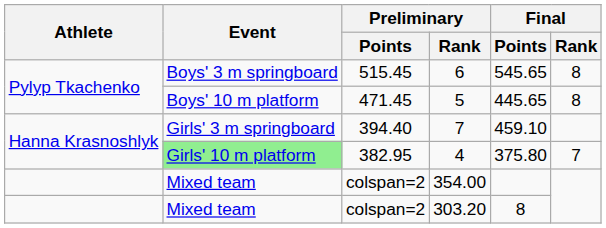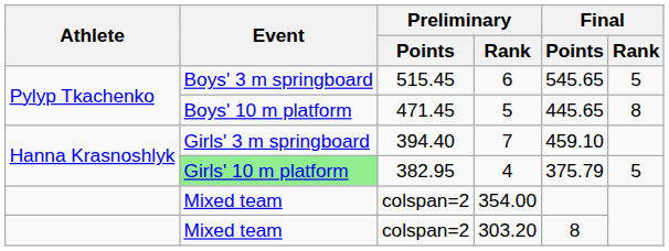 <table class="wikitable" style="font-size:90%;">
 <tr>
 <th rowspan=2>Athlete</th>
 <th rowspan=2>Event</th>
 <th colspan=2>Preliminary</th>
 <th colspan=2>Final</th>
 </tr>
 <tr>
 <th>Points</th>
 <th>Rank</th>
 <th>Points</th>
 <th>Rank</th>
 </tr>
 <tr align=center>
 <td align=left rowspan=2><a href='#'>Pylyp Tkachenko</a></td>
 <td align=left><a href='#'>Boys' 3 m springboard</a></td>
 <td>515.45</td>
 <td>6</td>
 <td>545.65</td>
-<td>8</td>
+<td>5</td>
 </tr>
 <tr align=center>
 <td align=left><a href='#'>Boys' 10 m platform</a></td>
 <td>471.45</td>
 <td>5</td>
 <td>445.65</td>
 <td>8</td>
 </tr>
 <tr align=center>
 <td align=left rowspan=2><a href='#'>Hanna Krasnoshlyk</a></td>
 <td align=left><a href='#'>Girls' 3 m springboard</a></td>
 <td>394.40</td>
 <td>7</td>
 <td>459.10</td>
 <td></td>
 </tr>
 <tr align=center>
 <td align=left style="background: lightgreen;"><a href='#'>Girls' 10 m platform</a></td>
 <td>382.95</td>
 <td>4</td>
-<td>375.80</td>
-<td>7</td>
+<td>375.79</td>
+<td>5</td>
 </tr>
 <tr align=center>
 <td align=left><br></td>
 <td align=left><a href='#'>Mixed team</a></td>
 <td>colspan=2 </td>
 <td>354.00</td>
 <td></td>
 </tr>
 <tr align=center>
 <td align=left><br></td>
 <td align=left><a href='#'>Mixed team</a></td>
 <td>colspan=2 </td>
 <td>303.20</td>
 <td>8</td>
 </tr>
 </table>
